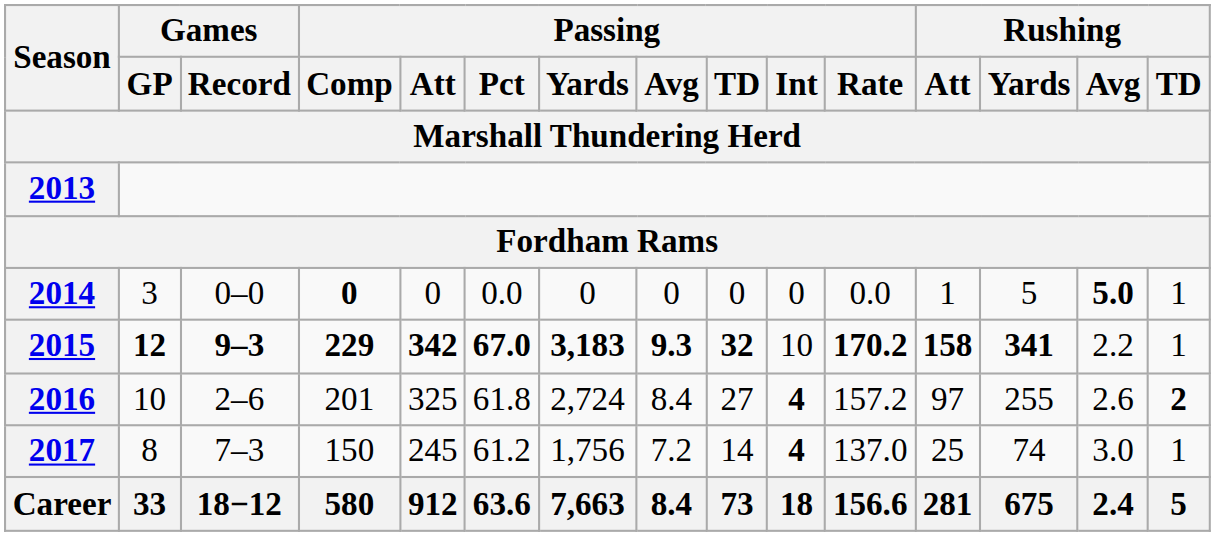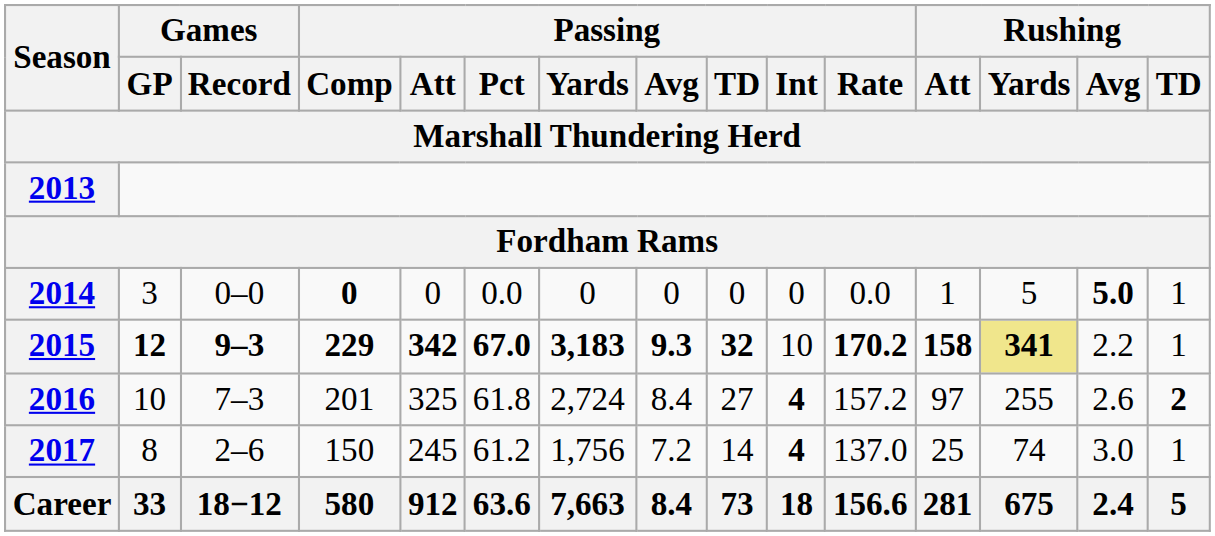 <table class="wikitable" style="text-align:center;">
 <tr>
 <th rowspan="2">Season</th>
 <th colspan="2">Games</th>
 <th colspan="8">Passing</th>
 <th colspan="4">Rushing</th>
 </tr>
 <tr>
 <th>GP</th>
 <th>Record</th>
 <th>Comp</th>
 <th>Att</th>
 <th>Pct</th>
 <th>Yards</th>
 <th>Avg</th>
 <th>TD</th>
 <th>Int</th>
 <th>Rate</th>
 <th>Att</th>
 <th>Yards</th>
 <th>Avg</th>
 <th>TD</th>
 </tr>
 <tr>
 <th colspan="16">Marshall Thundering Herd</th>
 </tr>
 <tr>
 <th><a href='#'>2013</a></th>
 <td colspan="15"></td>
 </tr>
 <tr>
 <th colspan="16">Fordham Rams</th>
 </tr>
 <tr>
 <th><a href='#'>2014</a></th>
 <td>3</td>
 <td>0–0</td>
 <td><strong>0</strong></td>
 <td>0</td>
 <td>0.0</td>
 <td>0</td>
 <td>0</td>
 <td>0</td>
 <td>0</td>
 <td>0.0</td>
 <td>1</td>
 <td>5</td>
 <td><strong>5.0</strong></td>
 <td>1</td>
 </tr>
 <tr>
 <th><a href='#'>2015</a></th>
 <td><strong>12</strong></td>
 <td><strong>9–3</strong></td>
 <td><strong>229</strong></td>
 <td><strong>342</strong></td>
 <td><strong>67.0</strong></td>
 <td><strong>3,183</strong></td>
 <td><strong>9.3</strong></td>
 <td><strong>32</strong></td>
 <td>10</td>
 <td><strong>170.2</strong></td>
 <td><strong>158</strong></td>
-<td><strong>341</strong></td>
+<td style="background: khaki;"><strong>341</strong></td>
 <td>2.2</td>
 <td>1</td>
 </tr>
 <tr>
 <th><a href='#'>2016</a></th>
 <td>10</td>
-<td>2–6</td>
+<td>7–3</td>
 <td>201</td>
 <td>325</td>
 <td>61.8</td>
 <td>2,724</td>
 <td>8.4</td>
 <td>27</td>
 <td><strong>4</strong></td>
 <td>157.2</td>
 <td>97</td>
 <td>255</td>
 <td>2.6</td>
 <td><strong>2</strong></td>
 </tr>
 <tr>
 <th><a href='#'>2017</a></th>
 <td>8</td>
-<td>7–3</td>
+<td>2–6</td>
 <td>150</td>
 <td>245</td>
 <td>61.2</td>
 <td>1,756</td>
 <td>7.2</td>
 <td>14</td>
 <td><strong>4</strong></td>
 <td>137.0</td>
 <td>25</td>
 <td>74</td>
 <td>3.0</td>
 <td>1</td>
 </tr>
 <tr>
 <th>Career</th>
 <th>33</th>
 <th>18−12</th>
 <th>580</th>
 <th>912</th>
 <th>63.6</th>
 <th>7,663</th>
 <th>8.4</th>
 <th>73</th>
 <th>18</th>
 <th>156.6</th>
 <th>281</th>
 <th>675</th>
 <th>2.4</th>
 <th>5</th>
 </tr>
 </table>
